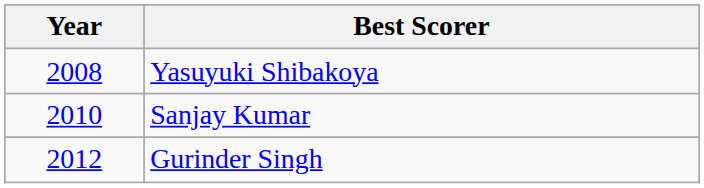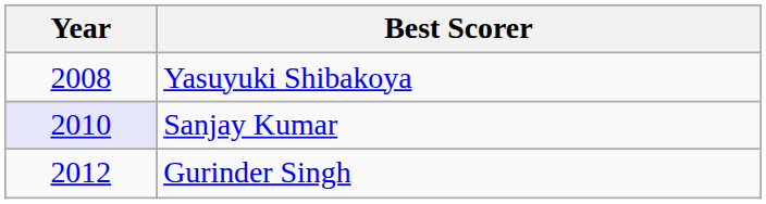 <table class="wikitable" style="width: 400px;">
 <tr>
 <th style="width: 20%;">Year</th>
 <th style="width: 80%;">Best Scorer</th>
 </tr>
 <tr>
 <td align=center><a href='#'>2008</a></td>
 <td> <a href='#'>Yasuyuki Shibakoya</a></td>
 </tr>
 <tr>
-<td align=center><a href='#'>2010</a></td>
+<td align=center style="background: lavender;"><a href='#'>2010</a></td>
 <td> <a href='#'>Sanjay Kumar</a></td>
 </tr>
 <tr>
 <td align=center><a href='#'>2012</a></td>
 <td> <a href='#'>Gurinder Singh</a></td>
 </tr>
 </table>
